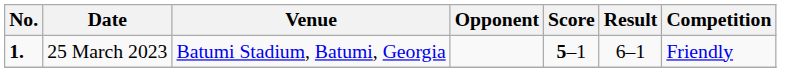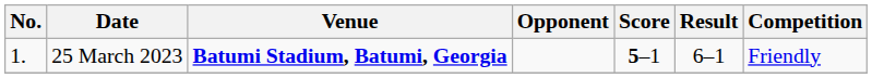 <table class="wikitable">
 <tr>
 <th>No.</th>
 <th>Date</th>
 <th>Venue</th>
 <th>Opponent</th>
 <th>Score</th>
 <th>Result</th>
 <th>Competition</th>
 </tr>
 <tr>
-<td><strong>1.</strong></td>
+<td>1.</td>
 <td>25 March 2023</td>
-<td><a href='#'>Batumi Stadium</a>, <a href='#'>Batumi</a>, <a href='#'>Georgia</a></td>
+<td><strong><a href='#'>Batumi Stadium</a>, <a href='#'>Batumi</a>, <a href='#'>Georgia</a></strong></td>
 <td></td>
 <td align=center><strong>5</strong>–1</td>
 <td align=center>6–1</td>
 <td><a href='#'>Friendly</a></td>
 </tr>
 <tr>
 </tr>
 </table>
